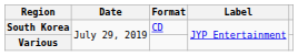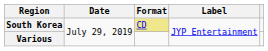 <table class="wikitable plainrowheaders">
 <tr>
 <th scope="col">Region</th>
 <th scope="col">Date</th>
 <th scope="col">Format</th>
 <th scope="col">Label</th>
 <th scope="col"></th>
 </tr>
 <tr>
 <th scope="row">South Korea</th>
 <td rowspan="2">July 29, 2019</td>
-<td><a href='#'>CD</a></td>
+<td style="background: khaki;"><a href='#'>CD</a></td>
 <td rowspan="2"><a href='#'>JYP Entertainment</a></td>
 <td></td>
 </tr>
 <tr>
 <th scope="row">Various</th>
 <td></td>
 <td style="text-align:center"></td>
 </tr>
 </table>
